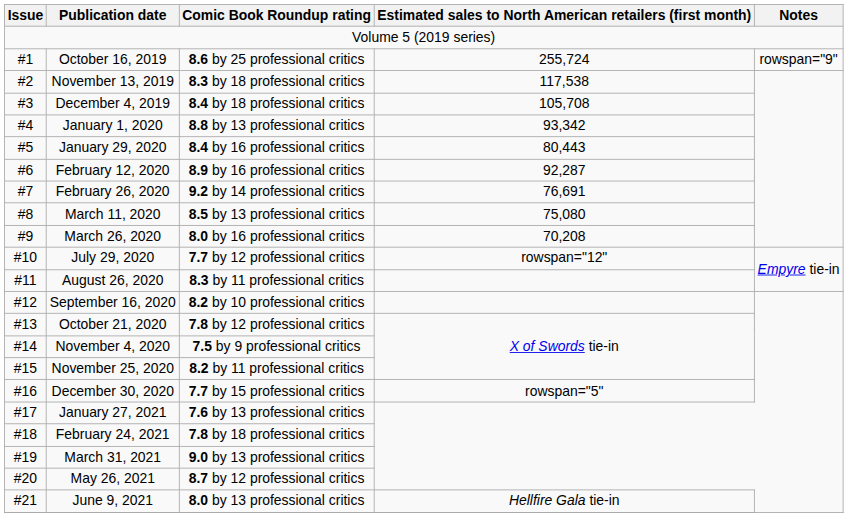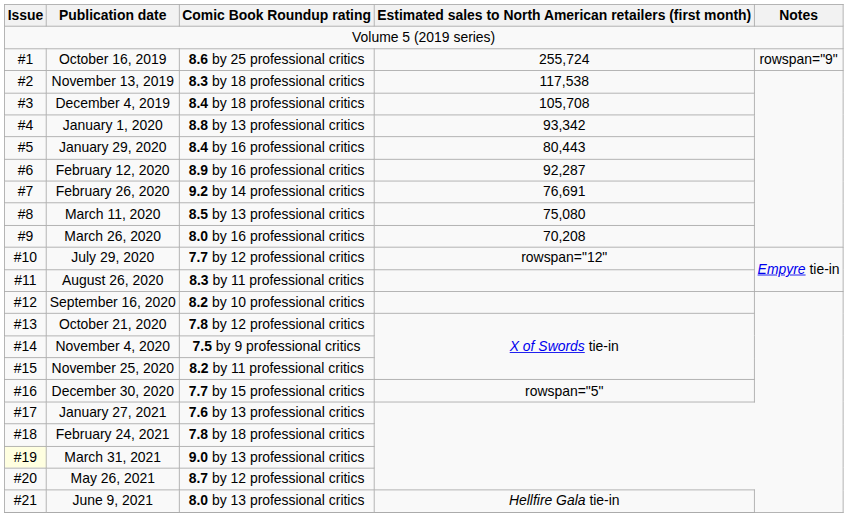 <table class="wikitable plainrowheaders" style="text-align:center;">
 <tr>
 <th scope="col"><strong>Issue</strong></th>
 <th scope="col"><strong>Publication date</strong></th>
 <th scope="col"><strong>Comic Book Roundup rating</strong></th>
 <th scope="col"><strong>Estimated sales to North American retailers (first month)</strong></th>
 <th scope="col"><strong>Notes</strong></th>
 </tr>
 <tr>
 <td colspan="5">Volume 5 (2019 series)</td>
 </tr>
 <tr>
 <td>#1</td>
 <td>October 16, 2019</td>
 <td><strong>8.6</strong> by 25 professional critics</td>
 <td>255,724</td>
 <td>rowspan="9" </td>
 </tr>
 <tr>
 <td>#2</td>
 <td>November 13, 2019</td>
 <td><strong>8.3</strong> by 18 professional critics</td>
 <td>117,538</td>
 </tr>
 <tr>
 <td>#3</td>
 <td>December 4, 2019</td>
 <td><strong>8.4</strong> by 18 professional critics</td>
 <td>105,708</td>
 </tr>
 <tr>
 <td>#4</td>
 <td>January 1, 2020</td>
 <td><strong>8.8</strong> by 13 professional critics</td>
 <td>93,342</td>
 </tr>
 <tr>
 <td>#5</td>
 <td>January 29, 2020</td>
 <td><strong>8.4</strong> by 16 professional critics</td>
 <td>80,443</td>
 </tr>
 <tr>
 <td>#6</td>
 <td>February 12, 2020</td>
 <td><strong>8.9</strong> by 16 professional critics</td>
 <td>92,287</td>
 </tr>
 <tr>
 <td>#7</td>
 <td>February 26, 2020</td>
 <td><strong>9.2</strong> by 14 professional critics</td>
 <td>76,691</td>
 </tr>
 <tr>
 <td>#8</td>
 <td>March 11, 2020</td>
 <td><strong>8.5</strong> by 13 professional critics</td>
 <td>75,080</td>
 </tr>
 <tr>
 <td>#9</td>
 <td>March 26, 2020</td>
 <td><strong>8.0</strong> by 16 professional critics</td>
 <td>70,208</td>
 </tr>
 <tr>
 <td>#10</td>
 <td>July 29, 2020</td>
 <td><strong>7.7</strong> by 12 professional critics</td>
 <td>rowspan="12" </td>
 <td rowspan="2"><em><a href='#'>Empyre</a></em> tie-in</td>
 </tr>
 <tr>
 <td>#11</td>
 <td>August 26, 2020</td>
 <td><strong>8.3</strong> by 11 professional critics</td>
 </tr>
 <tr>
 <td>#12</td>
 <td>September 16, 2020</td>
 <td><strong>8.2</strong> by 10 professional critics</td>
 <td></td>
 </tr>
 <tr>
 <td>#13</td>
 <td>October 21, 2020</td>
 <td><strong>7.8</strong> by 12 professional critics</td>
 <td rowspan="3"><em><a href='#'>X of Swords</a></em> tie-in</td>
 </tr>
 <tr>
 <td>#14</td>
 <td>November 4, 2020</td>
 <td><strong>7.5</strong> by 9 professional critics</td>
 </tr>
 <tr>
 <td>#15</td>
 <td>November 25, 2020</td>
 <td><strong>8.2</strong> by 11 professional critics</td>
 </tr>
 <tr>
 <td>#16</td>
 <td>December 30, 2020</td>
 <td><strong>7.7</strong> by 15 professional critics</td>
 <td>rowspan="5" </td>
 </tr>
 <tr>
 <td>#17</td>
 <td>January 27, 2021</td>
 <td><strong>7.6</strong> by 13 professional critics</td>
 </tr>
 <tr>
 <td>#18</td>
 <td>February 24, 2021</td>
 <td><strong>7.8</strong> by 18 professional critics</td>
 </tr>
 <tr>
-<td>#19</td>
+<td style="background: lightyellow;">#19</td>
 <td>March 31, 2021</td>
 <td><strong>9.0</strong> by 13 professional critics</td>
 </tr>
 <tr>
 <td>#20</td>
 <td>May 26, 2021</td>
 <td><strong>8.7</strong> by 12 professional critics</td>
 </tr>
 <tr>
 <td>#21</td>
 <td>June 9, 2021</td>
 <td><strong>8.0</strong> by 13 professional critics</td>
 <td><em>Hellfire Gala</em> tie-in</td>
 </tr>
 <tr>
 </tr>
 </table>
